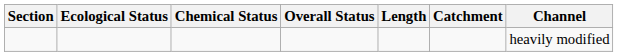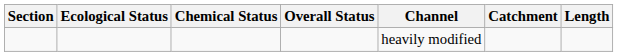 <table class="wikitable">
 <tr>
 <th>Section</th>
 <th>Ecological Status</th>
 <th>Chemical Status</th>
 <th>Overall Status</th>
+<th>Channel</th>
+<th>Catchment</th>
 <th>Length</th>
-<th>Catchment</th>
-<th>Channel</th>
 </tr>
 <tr>
 <td></td>
 <td></td>
 <td></td>
 <td></td>
+<td>heavily modified</td>
 <td></td>
 <td></td>
-<td>heavily modified</td>
 </tr>
 </table>
